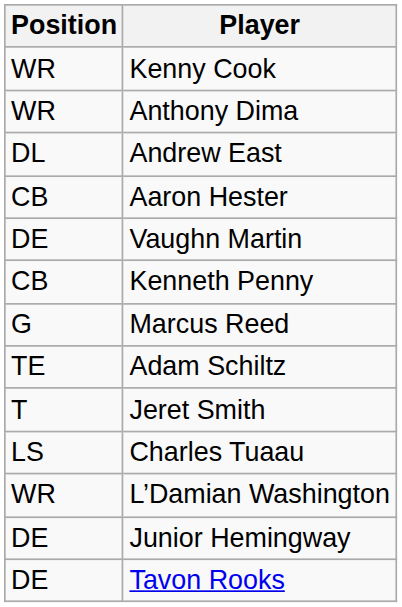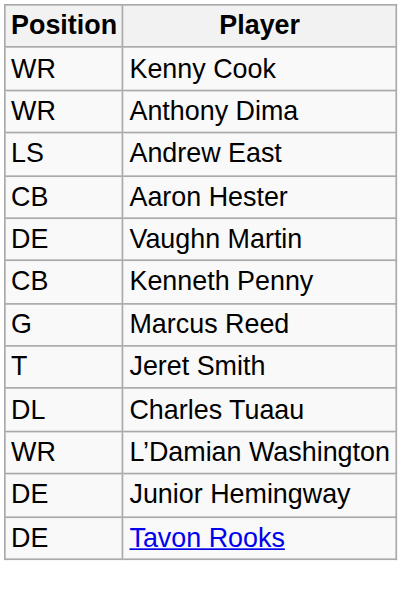 <table class="wikitable sortable">
 <tr>
 <th>Position</th>
 <th>Player</th>
 </tr>
 <tr>
 <td>WR</td>
 <td>Kenny Cook</td>
 </tr>
 <tr>
 <td>WR</td>
 <td>Anthony Dima</td>
 </tr>
 <tr>
-<td>DL</td>
+<td>LS</td>
 <td>Andrew East</td>
 </tr>
 <tr>
 <td>CB</td>
 <td>Aaron Hester</td>
 </tr>
 <tr>
 <td>DE</td>
 <td>Vaughn Martin</td>
 </tr>
 <tr>
 <td>CB</td>
 <td>Kenneth Penny</td>
 </tr>
 <tr>
 <td>G</td>
 <td>Marcus Reed</td>
 </tr>
 <tr>
-<td>TE</td>
-<td>Adam Schiltz</td>
-</tr>
-<tr>
 <td>T</td>
 <td>Jeret Smith</td>
 </tr>
 <tr>
-<td>LS</td>
+<td>DL</td>
 <td>Charles Tuaau</td>
 </tr>
 <tr>
 <td>WR</td>
 <td>L’Damian Washington</td>
 </tr>
 <tr>
 <td>DE</td>
 <td>Junior Hemingway</td>
 </tr>
 <tr>
 <td>DE</td>
 <td><a href='#'>Tavon Rooks</a></td>
 </tr>
 </table>
